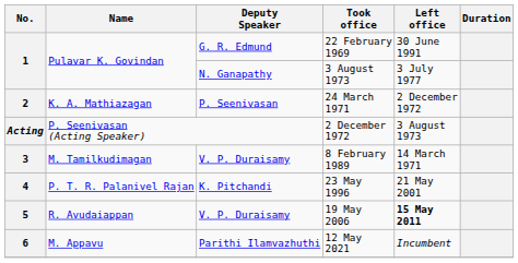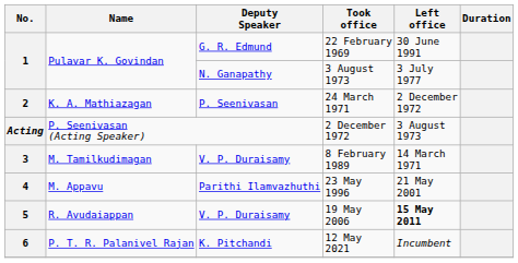 <table class="wikitable sortable">
 <tr>
 <th style="background-color:">No.</th>
 <th style="background-color:">Name</th>
 <th style="background-color:">Deputy<br>Speaker</th>
 <th style="background-color:">Took<br> office</th>
 <th style="background-color:">Left<br> office</th>
 <th style="background-color:">Duration</th>
 </tr>
 <tr>
 <th rowspan =2>1</th>
 <td rowspan =2><a href='#'>Pulavar K. Govindan</a></td>
 <td><a href='#'>G. R. Edmund</a></td>
 <td>22 February<br>1969</td>
 <td>30 June<br> 1991</td>
 <th><strong></strong></th>
 </tr>
 <tr>
 <td><a href='#'>N. Ganapathy</a></td>
 <td>3 August<br> 1973</td>
 <td>3 July<br> 1977</td>
 <th><strong></strong></th>
 </tr>
 <tr>
 <th>2</th>
 <td><a href='#'>K. A. Mathiazagan</a></td>
 <td><a href='#'>P. Seenivasan</a></td>
 <td>24 March<br> 1971</td>
 <td>2 December<br> 1972</td>
 <th><strong></strong></th>
 </tr>
 <tr>
 <th><em>Acting</em></th>
 <td colspan="2"><a href='#'>P. Seenivasan</a><br> <em>(Acting Speaker)</em></td>
 <td>2 December<br> 1972</td>
 <td>3 August<br> 1973</td>
 <th><strong></strong></th>
 </tr>
 <tr>
 <th>3</th>
 <td><a href='#'>M. Tamilkudimagan</a></td>
 <td><a href='#'>V. P. Duraisamy</a></td>
 <td>8 February<br> 1989</td>
 <td>14 March<br> 1971</td>
 <th><strong></strong></th>
 </tr>
 <tr>
 <th>4</th>
-<td><a href='#'>P. T. R. Palanivel Rajan</a></td>
-<td><a href='#'>K. Pitchandi</a></td>
+<td><a href='#'>M. Appavu</a></td>
+<td><a href='#'>Parithi Ilamvazhuthi</a></td>
 <td>23 May<br> 1996</td>
 <td>21 May<br> 2001</td>
 <th><strong></strong></th>
 </tr>
 <tr>
 <th>5</th>
 <td><a href='#'>R. Avudaiappan</a></td>
 <td><a href='#'>V. P. Duraisamy</a></td>
 <td>19 May<br> 2006</td>
 <td><strong>15 May<br> 2011</strong></td>
 <th><strong></strong></th>
 </tr>
 <tr>
 <th>6</th>
-<td><a href='#'>M. Appavu</a></td>
-<td><a href='#'>Parithi Ilamvazhuthi</a></td>
+<td><a href='#'>P. T. R. Palanivel Rajan</a></td>
+<td><a href='#'>K. Pitchandi</a></td>
 <td>12 May<br> 2021</td>
 <td><em>Incumbent</em></td>
 <th><strong></strong></th>
 </tr>
 <tr>
 </tr>
 </table>
